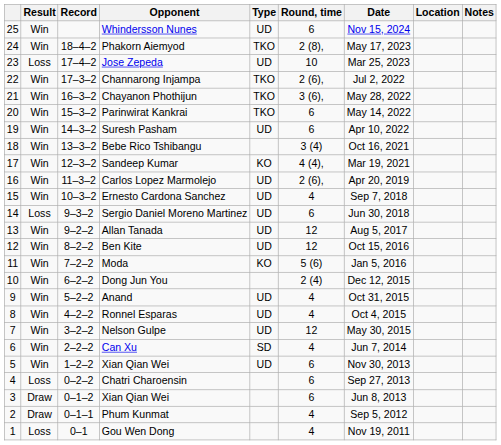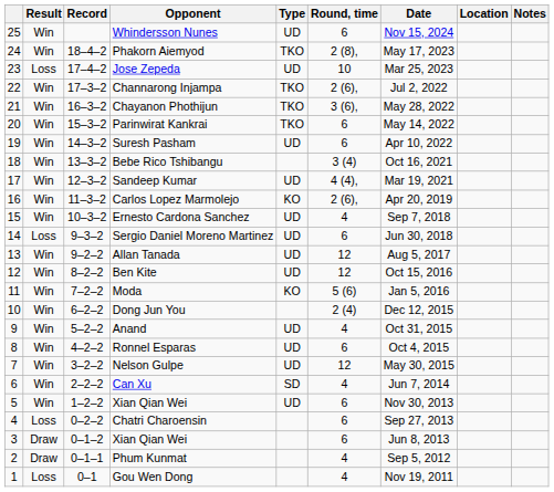 <table class="wikitable" style="text-align:center">
 <tr>
 <th></th>
 <th>Result</th>
 <th>Record</th>
 <th>Opponent</th>
 <th>Type</th>
 <th>Round, time</th>
 <th>Date</th>
 <th>Location</th>
 <th>Notes</th>
 </tr>
 <tr>
 <td>25</td>
 <td>Win</td>
 <td></td>
 <td style="text-align:left;"><a href='#'>Whindersson Nunes</a></td>
 <td>UD</td>
 <td>6</td>
 <td><a href='#'>Nov 15, 2024</a></td>
 <td style="text-align:left;"></td>
 <td></td>
 </tr>
 <tr>
 <td>24</td>
 <td>Win</td>
 <td>18–4–2</td>
 <td style="text-align:left;">Phakorn Aiemyod</td>
 <td>TKO</td>
 <td>2 (8), </td>
 <td>May 17, 2023</td>
 <td style="text-align:left;"></td>
 <td></td>
 </tr>
 <tr>
 <td>23</td>
 <td>Loss</td>
 <td>17–4–2</td>
 <td style="text-align:left;"><a href='#'>Jose Zepeda</a></td>
 <td>UD</td>
 <td>10</td>
 <td>Mar 25, 2023</td>
 <td style="text-align:left;"></td>
 <td></td>
 </tr>
 <tr>
 <td>22</td>
 <td>Win</td>
 <td>17–3–2</td>
 <td style="text-align:left;">Channarong Injampa</td>
 <td>TKO</td>
 <td>2 (6), </td>
 <td>Jul 2, 2022</td>
 <td style="text-align:left;"></td>
 <td></td>
 </tr>
 <tr>
 <td>21</td>
 <td>Win</td>
 <td>16–3–2</td>
 <td style="text-align:left;">Chayanon Phothijun</td>
 <td>TKO</td>
 <td>3 (6), </td>
 <td>May 28, 2022</td>
 <td style="text-align:left;"></td>
 <td></td>
 </tr>
 <tr>
 <td>20</td>
 <td>Win</td>
 <td>15–3–2</td>
 <td style="text-align:left;">Parinwirat Kankrai</td>
 <td>TKO</td>
 <td>6</td>
 <td>May 14, 2022</td>
 <td style="text-align:left;"></td>
 <td></td>
 </tr>
 <tr>
 <td>19</td>
 <td>Win</td>
 <td>14–3–2</td>
 <td style="text-align:left;">Suresh Pasham</td>
 <td>UD</td>
 <td>6</td>
 <td>Apr 10, 2022</td>
 <td style="text-align:left;"></td>
 <td></td>
 </tr>
 <tr>
 <td>18</td>
 <td>Win</td>
 <td>13–3–2</td>
 <td style="text-align:left;">Bebe Rico Tshibangu</td>
 <td></td>
 <td>3 (4)</td>
 <td>Oct 16, 2021</td>
 <td style="text-align:left;"></td>
 <td></td>
 </tr>
 <tr>
 <td>17</td>
 <td>Win</td>
 <td>12–3–2</td>
 <td style="text-align:left;">Sandeep Kumar</td>
-<td>KO</td>
+<td>UD</td>
 <td>4 (4), </td>
 <td>Mar 19, 2021</td>
 <td style="text-align:left;"></td>
 <td></td>
 </tr>
 <tr>
 <td>16</td>
 <td>Win</td>
 <td>11–3–2</td>
 <td style="text-align:left;">Carlos Lopez Marmolejo</td>
-<td>UD</td>
+<td>KO</td>
 <td>2 (6), </td>
 <td>Apr 20, 2019</td>
 <td style="text-align:left;"></td>
 <td></td>
 </tr>
 <tr>
 <td>15</td>
 <td>Win</td>
 <td>10–3–2</td>
 <td style="text-align:left;">Ernesto Cardona Sanchez</td>
 <td>UD</td>
 <td>4</td>
 <td>Sep 7, 2018</td>
 <td style="text-align:left;"></td>
 <td></td>
 </tr>
 <tr>
 <td>14</td>
 <td>Loss</td>
 <td>9–3–2</td>
 <td style="text-align:left;">Sergio Daniel Moreno Martinez</td>
 <td>UD</td>
 <td>6</td>
 <td>Jun 30, 2018</td>
 <td style="text-align:left;"></td>
 <td></td>
 </tr>
 <tr>
 <td>13</td>
 <td>Win</td>
 <td>9–2–2</td>
 <td style="text-align:left;">Allan Tanada</td>
 <td>UD</td>
 <td>12</td>
 <td>Aug 5, 2017</td>
 <td style="text-align:left;"></td>
 <td style="text-align:left;"></td>
 </tr>
 <tr>
 <td>12</td>
 <td>Win</td>
 <td>8–2–2</td>
 <td style="text-align:left;">Ben Kite</td>
 <td>UD</td>
 <td>12</td>
 <td>Oct 15, 2016</td>
 <td style="text-align:left;"></td>
 <td style="text-align:left;"></td>
 </tr>
 <tr>
 <td>11</td>
 <td>Win</td>
 <td>7–2–2</td>
 <td style="text-align:left;">Moda</td>
 <td>KO</td>
 <td>5 (6)</td>
 <td>Jan 5, 2016</td>
 <td style="text-align:left;"></td>
 <td></td>
 </tr>
 <tr>
 <td>10</td>
 <td>Win</td>
 <td>6–2–2</td>
 <td style="text-align:left;">Dong Jun You</td>
 <td></td>
 <td>2 (4)</td>
 <td>Dec 12, 2015</td>
 <td style="text-align:left;"></td>
 <td></td>
 </tr>
 <tr>
 <td>9</td>
 <td>Win</td>
 <td>5–2–2</td>
 <td style="text-align:left;">Anand</td>
 <td>UD</td>
 <td>4</td>
 <td>Oct 31, 2015</td>
 <td style="text-align:left;"></td>
 <td></td>
 </tr>
 <tr>
 <td>8</td>
 <td>Win</td>
 <td>4–2–2</td>
 <td style="text-align:left;">Ronnel Esparas</td>
 <td>UD</td>
-<td>4</td>
+<td>6</td>
 <td>Oct 4, 2015</td>
 <td style="text-align:left;"></td>
 <td></td>
 </tr>
 <tr>
 <td>7</td>
 <td>Win</td>
 <td>3–2–2</td>
 <td style="text-align:left;">Nelson Gulpe</td>
 <td>UD</td>
 <td>12</td>
 <td>May 30, 2015</td>
 <td style="text-align:left;"></td>
 <td style="text-align:left;"></td>
 </tr>
 <tr>
 <td>6</td>
 <td>Win</td>
 <td>2–2–2</td>
 <td style="text-align:left;"><a href='#'>Can Xu</a></td>
 <td>SD</td>
 <td>4</td>
 <td>Jun 7, 2014</td>
 <td style="text-align:left;"></td>
 <td></td>
 </tr>
 <tr>
 <td>5</td>
 <td>Win</td>
 <td>1–2–2</td>
 <td style="text-align:left;">Xian Qian Wei</td>
 <td>UD</td>
 <td>6</td>
 <td>Nov 30, 2013</td>
 <td style="text-align:left;"></td>
 <td></td>
 </tr>
 <tr>
 <td>4</td>
 <td>Loss</td>
 <td>0–2–2</td>
 <td style="text-align:left;">Chatri Charoensin</td>
 <td></td>
 <td>6</td>
 <td>Sep 27, 2013</td>
 <td style="text-align:left;"></td>
 <td></td>
 </tr>
 <tr>
 <td>3</td>
 <td>Draw</td>
 <td>0–1–2</td>
 <td style="text-align:left;">Xian Qian Wei</td>
 <td></td>
 <td>6</td>
 <td>Jun 8, 2013</td>
 <td style="text-align:left;"></td>
 <td></td>
 </tr>
 <tr>
 <td>2</td>
 <td>Draw</td>
 <td>0–1–1</td>
 <td style="text-align:left;">Phum Kunmat</td>
 <td></td>
 <td>4</td>
 <td>Sep 5, 2012</td>
 <td style="text-align:left;"></td>
 <td></td>
 </tr>
 <tr>
 <td>1</td>
 <td>Loss</td>
 <td>0–1</td>
 <td style="text-align:left;">Gou Wen Dong</td>
 <td></td>
 <td>4</td>
 <td>Nov 19, 2011</td>
 <td style="text-align:left;"></td>
 <td></td>
 </tr>
 </table>
